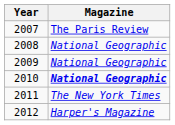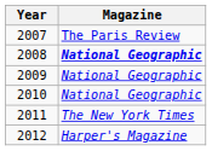 <table class="sortable wikitable plainrowheaders">
 <tr>
 <th scope="col" style="width:50px;">Year</th>
 <th scope="col" style="width:150px;">Magazine</th>
 </tr>
 <tr>
 <td align="center">2007</td>
 <td><a href='#'>The Paris Review</a></td>
 </tr>
 <tr>
 <td align="center">2008</td>
-<td><em><a href='#'>National Geographic</a></em></td>
+<td><strong><em><a href='#'>National Geographic</a></em></strong></td>
 </tr>
 <tr>
 <td align="center">2009</td>
 <td><em><a href='#'>National Geographic</a></em></td>
 </tr>
 <tr>
 <td align="center">2010</td>
-<td><strong><em><a href='#'>National Geographic</a></em></strong></td>
+<td><em><a href='#'>National Geographic</a></em></td>
 </tr>
 <tr>
 <td align="center">2011</td>
 <td><em><a href='#'>The New York Times</a></em></td>
 </tr>
 <tr>
 <td align="center">2012</td>
 <td><em><a href='#'>Harper's Magazine</a></em></td>
 </tr>
 </table>
